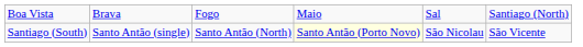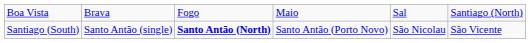 <table class="wikitable">
 <tr>
 <td><a href='#'>Boa Vista</a></td>
 <td><a href='#'>Brava</a></td>
 <td><a href='#'>Fogo</a></td>
 <td><a href='#'>Maio</a></td>
 <td><a href='#'>Sal</a></td>
 <td><a href='#'>Santiago (North)</a></td>
 </tr>
 <tr>
 <td><a href='#'>Santiago (South)</a></td>
 <td><a href='#'>Santo Antão (single)</a></td>
-<td><a href='#'>Santo Antão (North)</a></td>
-<td style="background: lightyellow;"><a href='#'>Santo Antão (Porto Novo)</a></td>
+<td><strong><a href='#'>Santo Antão (North)</a></strong></td>
+<td><a href='#'>Santo Antão (Porto Novo)</a></td>
 <td><a href='#'>São Nicolau</a></td>
 <td><a href='#'>São Vicente</a></td>
 </tr>
 </table>
